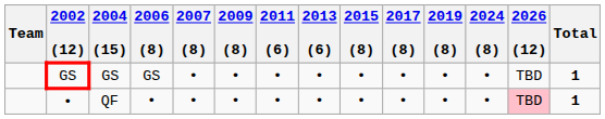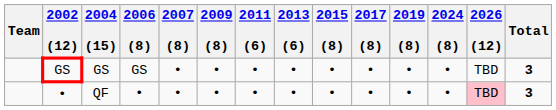 <table class="wikitable">
 <tr style="background:#cccccc;" align=center>
 <th>Team</th>
 <th><a href='#'>2002</a><br><br>(12)</th>
 <th><a href='#'>2004</a><br><br>(15)</th>
 <th><a href='#'>2006</a><br><br>(8)</th>
 <th><a href='#'>2007</a><br><br>(8)</th>
 <th><a href='#'>2009</a><br><br>(8)</th>
 <th><a href='#'>2011</a><br><br>(6)</th>
 <th><a href='#'>2013</a><br><br>(6)</th>
 <th><a href='#'>2015</a><br><br>(8)</th>
 <th><a href='#'>2017</a><br><br>(8)</th>
 <th><a href='#'>2019</a><br><br>(8)</th>
 <th><a href='#'>2024</a><br><br>(8)</th>
 <th><a href='#'>2026</a><br><br>(12)</th>
 <th>Total</th>
 </tr>
 <tr align=center>
 <td align=left></td>
 <td style="border: 3px solid red">GS</td>
 <td>GS</td>
 <td>GS</td>
 <td>•</td>
 <td>•</td>
 <td>•</td>
 <td>•</td>
 <td>•</td>
 <td>•</td>
 <td>•</td>
 <td>•</td>
 <td>TBD</td>
-<td><strong>1</strong></td>
+<td><strong>3</strong></td>
 </tr>
 <tr align=center>
 <td align=left></td>
 <td>•</td>
 <td>QF</td>
 <td>•</td>
 <td>•</td>
 <td>•</td>
 <td>•</td>
 <td>•</td>
 <td>•</td>
 <td>•</td>
 <td>•</td>
 <td>•</td>
 <td style="background: pink;">TBD</td>
-<td><strong>1</strong></td>
+<td><strong>3</strong></td>
 </tr>
 </table>
